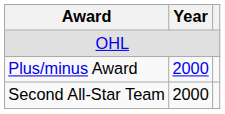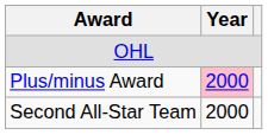 <table class="wikitable">
 <tr>
 <th>Award</th>
 <th>Year</th>
 <th></th>
 </tr>
 <tr ALIGN="center" bgcolor="#e0e0e0">
 <td colspan="3"><a href='#'>OHL</a></td>
 </tr>
 <tr>
 <td><a href='#'>Plus/minus</a> Award</td>
-<td><a href='#'>2000</a></td>
+<td style="background: pink;"><a href='#'>2000</a></td>
 <td></td>
 </tr>
 <tr>
 <td>Second All-Star Team</td>
 <td>2000</td>
 <td></td>
 </tr>
 </table>
